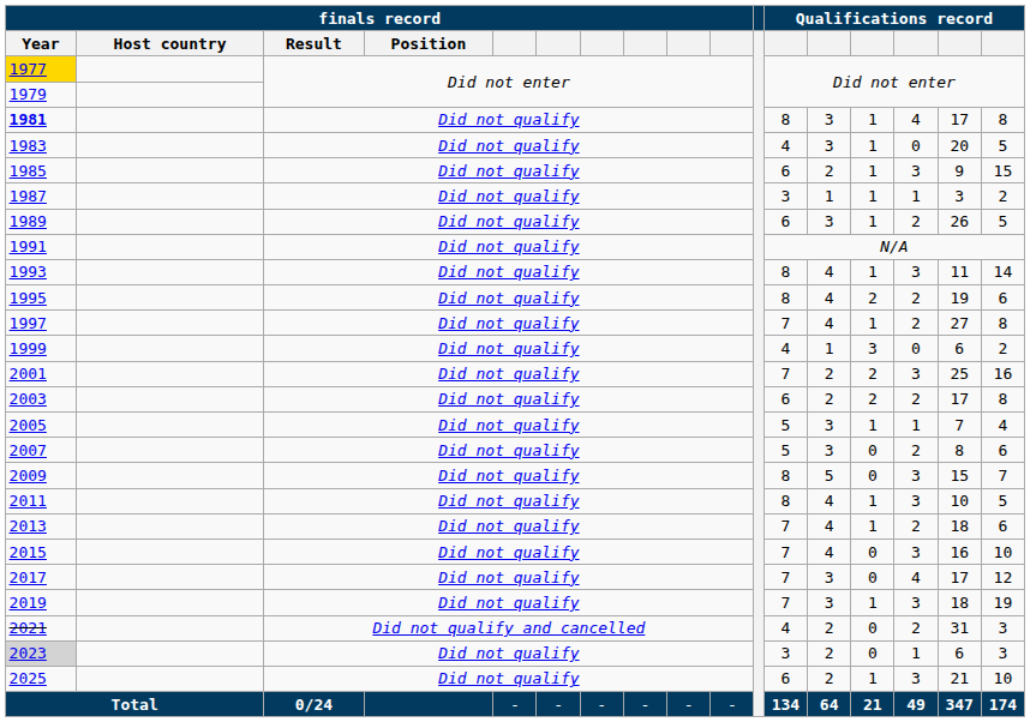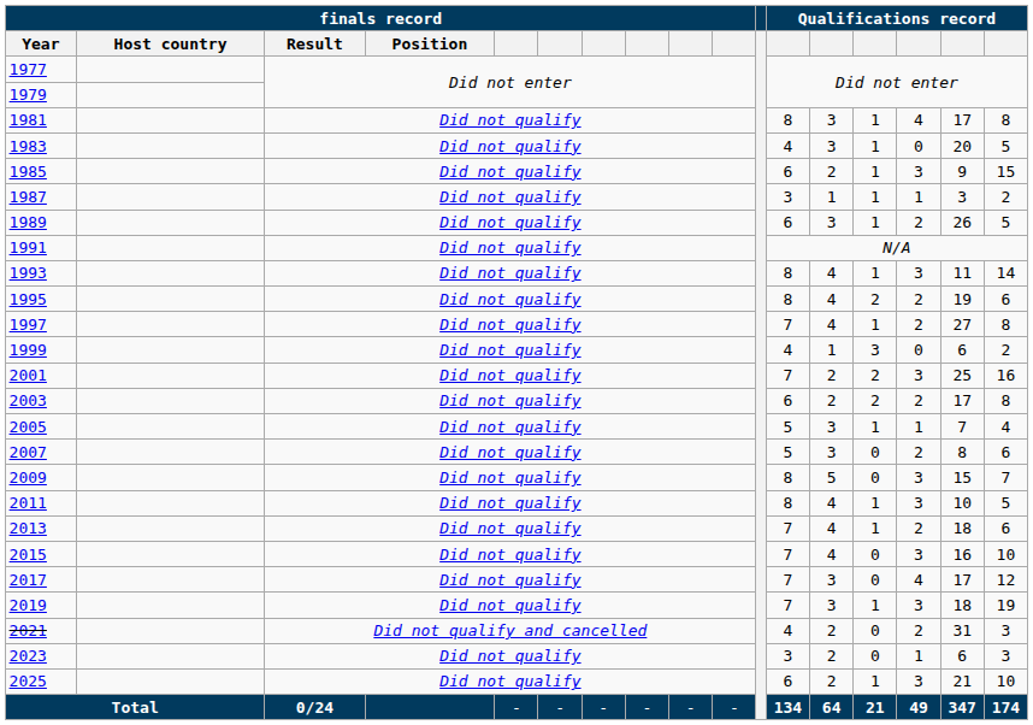 <table class="wikitable" style="text-align: center; width: 850px">
 <tr>
 <th colspan=10 style="background: #013A5E; color: #FFFFFF;"><a href='#'></a> finals record</th>
 <th style="background: #013A5E; color: #FFFFFF;"></th>
 <th colspan=6 style="background: #013A5E; color: #FFFFFF;">Qualifications record</th>
 </tr>
 <tr>
 <th>Year</th>
 <th>Host country</th>
 <th>Result</th>
 <th>Position</th>
 <th width=30></th>
 <th width=30></th>
 <th width=30></th>
 <th width=30></th>
 <th width=30></th>
 <th width=30></th>
 <th style="width:1%;" rowspan="27"></th>
 <th width=30></th>
 <th width=30></th>
 <th width=30></th>
 <th width=30></th>
 <th width=30></th>
 <th width=30></th>
 </tr>
 <tr>
-<td style="background: gold; text-align: left;"><a href='#'>1977</a></td>
+<td style="text-align: left;"><a href='#'>1977</a></td>
 <td style="text-align: left;"></td>
 <td rowspan="2" colspan="8"><em>Did not enter</em></td>
 <td rowspan="2" colspan="6"><em>Did not enter</em></td>
 </tr>
 <tr>
 <td style="text-align: left;"><a href='#'>1979</a></td>
 <td style="text-align: left;"></td>
 </tr>
 <tr>
-<td style="text-align: left;"><strong><a href='#'>1981</a></strong></td>
+<td style="text-align: left;"><a href='#'>1981</a></td>
 <td style="text-align: left;"></td>
 <td colspan="8"><em><a href='#'>Did not qualify</a></em></td>
 <td>8</td>
 <td>3</td>
 <td>1</td>
 <td>4</td>
 <td>17</td>
 <td>8</td>
 </tr>
 <tr>
 <td style="text-align: left;"><a href='#'>1983</a></td>
 <td style="text-align: left;"></td>
 <td colspan="8"><em><a href='#'>Did not qualify</a></em></td>
 <td>4</td>
 <td>3</td>
 <td>1</td>
 <td>0</td>
 <td>20</td>
 <td>5</td>
 </tr>
 <tr>
 <td style="text-align: left;"><a href='#'>1985</a></td>
 <td style="text-align: left;"></td>
 <td colspan="8"><em><a href='#'>Did not qualify</a></em></td>
 <td>6</td>
 <td>2</td>
 <td>1</td>
 <td>3</td>
 <td>9</td>
 <td>15</td>
 </tr>
 <tr>
 <td style="text-align: left;"><a href='#'>1987</a></td>
 <td style="text-align: left;"></td>
 <td colspan="8"><em><a href='#'>Did not qualify</a></em></td>
 <td>3</td>
 <td>1</td>
 <td>1</td>
 <td>1</td>
 <td>3</td>
 <td>2</td>
 </tr>
 <tr>
 <td style="text-align: left;"><a href='#'>1989</a></td>
 <td style="text-align: left;"></td>
 <td colspan="8"><em><a href='#'>Did not qualify</a></em></td>
 <td>6</td>
 <td>3</td>
 <td>1</td>
 <td>2</td>
 <td>26</td>
 <td>5</td>
 </tr>
 <tr>
 <td style="text-align: left;"><a href='#'>1991</a></td>
 <td style="text-align: left;"></td>
 <td colspan="8"><em><a href='#'>Did not qualify</a></em></td>
 <td colspan="6"><em>N/A</em></td>
 </tr>
 <tr>
 <td style="text-align: left;"><a href='#'>1993</a></td>
 <td style="text-align: left;"></td>
 <td colspan="8"><em><a href='#'>Did not qualify</a></em></td>
 <td>8</td>
 <td>4</td>
 <td>1</td>
 <td>3</td>
 <td>11</td>
 <td>14</td>
 </tr>
 <tr>
 <td style="text-align: left;"><a href='#'>1995</a></td>
 <td style="text-align: left;"></td>
 <td colspan="8"><em><a href='#'>Did not qualify</a></em></td>
 <td>8</td>
 <td>4</td>
 <td>2</td>
 <td>2</td>
 <td>19</td>
 <td>6</td>
 </tr>
 <tr>
 <td style="text-align: left;"><a href='#'>1997</a></td>
 <td style="text-align: left;"></td>
 <td colspan="8"><em><a href='#'>Did not qualify</a></em></td>
 <td>7</td>
 <td>4</td>
 <td>1</td>
 <td>2</td>
 <td>27</td>
 <td>8</td>
 </tr>
 <tr>
 <td style="text-align: left;"><a href='#'>1999</a></td>
 <td style="text-align: left;"></td>
 <td colspan="8"><em><a href='#'>Did not qualify</a></em></td>
 <td>4</td>
 <td>1</td>
 <td>3</td>
 <td>0</td>
 <td>6</td>
 <td>2</td>
 </tr>
 <tr>
 <td style="text-align: left;"><a href='#'>2001</a></td>
 <td style="text-align: left;"></td>
 <td colspan="8"><em><a href='#'>Did not qualify</a></em></td>
 <td>7</td>
 <td>2</td>
 <td>2</td>
 <td>3</td>
 <td>25</td>
 <td>16</td>
 </tr>
 <tr>
 <td style="text-align: left;"><a href='#'>2003</a></td>
 <td style="text-align: left;"></td>
 <td colspan="8"><em><a href='#'>Did not qualify</a></em></td>
 <td>6</td>
 <td>2</td>
 <td>2</td>
 <td>2</td>
 <td>17</td>
 <td>8</td>
 </tr>
 <tr>
 <td style="text-align: left;"><a href='#'>2005</a></td>
 <td style="text-align: left;"></td>
 <td colspan="8"><em><a href='#'>Did not qualify</a></em></td>
 <td>5</td>
 <td>3</td>
 <td>1</td>
 <td>1</td>
 <td>7</td>
 <td>4</td>
 </tr>
 <tr>
 <td style="text-align: left;"><a href='#'>2007</a></td>
 <td style="text-align: left;"></td>
 <td colspan="8"><em><a href='#'>Did not qualify</a></em></td>
 <td>5</td>
 <td>3</td>
 <td>0</td>
 <td>2</td>
 <td>8</td>
 <td>6</td>
 </tr>
 <tr>
 <td style="text-align: left;"><a href='#'>2009</a></td>
 <td style="text-align: left;"></td>
 <td colspan="8"><em><a href='#'>Did not qualify</a></em></td>
 <td>8</td>
 <td>5</td>
 <td>0</td>
 <td>3</td>
 <td>15</td>
 <td>7</td>
 </tr>
 <tr>
 <td style="text-align: left;"><a href='#'>2011</a></td>
 <td style="text-align: left;"></td>
 <td colspan="8"><em><a href='#'>Did not qualify</a></em></td>
 <td>8</td>
 <td>4</td>
 <td>1</td>
 <td>3</td>
 <td>10</td>
 <td>5</td>
 </tr>
 <tr>
 <td style="text-align: left;"><a href='#'>2013</a></td>
 <td style="text-align: left;"></td>
 <td colspan="8"><em><a href='#'>Did not qualify</a></em></td>
 <td>7</td>
 <td>4</td>
 <td>1</td>
 <td>2</td>
 <td>18</td>
 <td>6</td>
 </tr>
 <tr>
 <td style="text-align: left;"><a href='#'>2015</a></td>
 <td style="text-align: left;"></td>
 <td colspan="8"><em><a href='#'>Did not qualify</a></em></td>
 <td>7</td>
 <td>4</td>
 <td>0</td>
 <td>3</td>
 <td>16</td>
 <td>10</td>
 </tr>
 <tr>
 <td style="text-align: left;"><a href='#'>2017</a></td>
 <td style="text-align: left;"></td>
 <td colspan="8"><em><a href='#'>Did not qualify</a></em></td>
 <td>7</td>
 <td>3</td>
 <td>0</td>
 <td>4</td>
 <td>17</td>
 <td>12</td>
 </tr>
 <tr>
 <td style="text-align: left;"><a href='#'>2019</a></td>
 <td style="text-align: left;"></td>
 <td colspan="8"><em><a href='#'>Did not qualify</a></em></td>
 <td>7</td>
 <td>3</td>
 <td>1</td>
 <td>3</td>
 <td>18</td>
 <td>19</td>
 </tr>
 <tr>
 <td style="text-align: left;"><s><a href='#'>2021</a></s></td>
 <td style="text-align: left;"></td>
 <td colspan="8"><em><a href='#'>Did not qualify and cancelled</a></em></td>
 <td>4</td>
 <td>2</td>
 <td>0</td>
 <td>2</td>
 <td>31</td>
 <td>3</td>
 </tr>
 <tr>
-<td style="background: lightgrey; text-align: left;"><a href='#'>2023</a></td>
+<td style="text-align: left;"><a href='#'>2023</a></td>
 <td style="text-align: left;"></td>
 <td colspan="8"><em><a href='#'>Did not qualify</a></em></td>
 <td>3</td>
 <td>2</td>
 <td>0</td>
 <td>1</td>
 <td>6</td>
 <td>3</td>
 </tr>
 <tr>
 <td style="text-align: left;"><a href='#'>2025</a></td>
 <td style="text-align: left;"></td>
 <td colspan="8"><em><a href='#'>Did not qualify</a></em></td>
 <td>6</td>
 <td>2</td>
 <td>1</td>
 <td>3</td>
 <td>21</td>
 <td>10</td>
 </tr>
 <tr>
 <td colspan=2 style="background: #013A5E; color: #FFFFFF;"><strong>Total</strong></td>
 <td style="background: #013A5E; color: #FFFFFF;"><strong>0/24</strong></td>
 <td style="background: #013A5E; color: #FFFFFF;"></td>
 <td style="background: #013A5E; color: #FFFFFF;">-</td>
 <td style="background: #013A5E; color: #FFFFFF;">-</td>
 <td style="background: #013A5E; color: #FFFFFF;">-</td>
 <td style="background: #013A5E; color: #FFFFFF;">-</td>
 <td style="background: #013A5E; color: #FFFFFF;">-</td>
 <td style="background: #013A5E; color: #FFFFFF;">-</td>
 <td style="background: #013A5E; color: #FFFFFF;"><strong>134</strong></td>
 <td style="background: #013A5E; color: #FFFFFF;"><strong>64</strong></td>
 <td style="background: #013A5E; color: #FFFFFF;"><strong>21</strong></td>
 <td style="background: #013A5E; color: #FFFFFF;"><strong>49</strong></td>
 <td style="background: #013A5E; color: #FFFFFF;"><strong>347</strong></td>
 <td style="background: #013A5E; color: #FFFFFF;"><strong>174</strong></td>
 </tr>
 </table>
